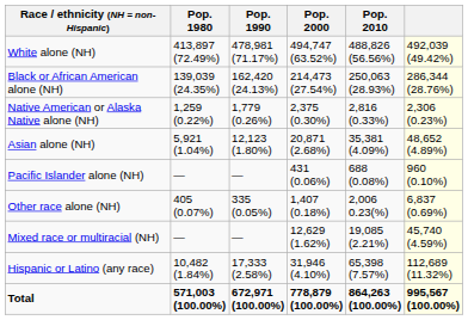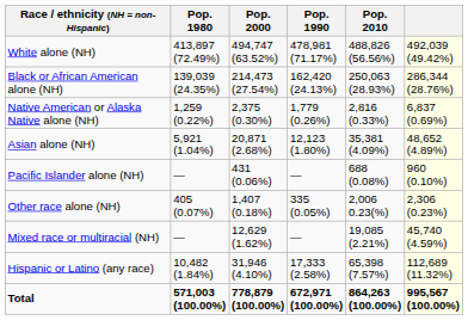 <table class="wikitable sortable collapsible" style="font-size: 95%;">
 <tr>
 <th>Race / ethnicity <small>(<em>NH = non-Hispanic</em>)</small></th>
 <th>Pop. 1980</th>
+<th>Pop. 2000</th>
 <th>Pop. 1990</th>
-<th>Pop. 2000</th>
 <th>Pop. 2010</th>
 <th></th>
 </tr>
 <tr>
 <td><a href='#'>White</a> alone (NH)</td>
 <td>413,897<br>(72.49%)</td>
+<td>494,747<br>(63.52%)</td>
 <td>478,981<br>(71.17%)</td>
-<td>494,747<br>(63.52%)</td>
 <td>488,826<br>(56.56%)</td>
 <td style='background: #ffffe6;'>492,039<br>(49.42%)</td>
 </tr>
 <tr>
 <td><a href='#'>Black or African American</a> alone (NH)</td>
 <td>139,039<br>(24.35%)</td>
+<td>214,473<br>(27.54%)</td>
 <td>162,420<br>(24.13%)</td>
-<td>214,473<br>(27.54%)</td>
 <td>250,063<br>(28.93%)</td>
 <td style='background: #ffffe6;'>286,344<br>(28.76%)</td>
 </tr>
 <tr>
 <td><a href='#'>Native American</a> or <a href='#'>Alaska Native</a> alone (NH)</td>
 <td>1,259<br>(0.22%)</td>
+<td>2,375<br>(0.30%)</td>
 <td>1,779<br>(0.26%)</td>
-<td>2,375<br>(0.30%)</td>
 <td>2,816<br>(0.33%)</td>
-<td style='background: #ffffe6;'>2,306<br>(0.23%)</td>
+<td style='background: #ffffe6;'>6,837<br>(0.69%)</td>
 </tr>
 <tr>
 <td><a href='#'>Asian</a> alone (NH)</td>
 <td>5,921<br>(1.04%)</td>
+<td>20,871<br>(2.68%)</td>
 <td>12,123<br>(1.80%)</td>
-<td>20,871<br>(2.68%)</td>
 <td>35,381<br>(4.09%)</td>
 <td style='background: #ffffe6;'>48,652<br>(4.89%)</td>
 </tr>
 <tr>
 <td><a href='#'>Pacific Islander</a> alone (NH)</td>
 <td>—</td>
+<td>431<br>(0.06%)</td>
 <td>—</td>
-<td>431<br>(0.06%)</td>
 <td>688<br>(0.08%)</td>
 <td style='background: #ffffe6;'>960<br>(0.10%)</td>
 </tr>
 <tr>
 <td><a href='#'>Other race</a> alone (NH)</td>
 <td>405<br>(0.07%)</td>
+<td>1,407<br>(0.18%)</td>
 <td>335<br>(0.05%)</td>
-<td>1,407<br>(0.18%)</td>
 <td>2,006<br>0.23(%)</td>
-<td style='background: #ffffe6;'>6,837<br>(0.69%)</td>
+<td style='background: #ffffe6;'>2,306<br>(0.23%)</td>
 </tr>
 <tr>
 <td><a href='#'>Mixed race or multiracial</a> (NH)</td>
 <td>—</td>
+<td>12,629<br>(1.62%)</td>
 <td>—</td>
-<td>12,629<br>(1.62%)</td>
 <td>19,085<br>(2.21%)</td>
 <td style='background: #ffffe6;'>45,740<br>(4.59%)</td>
 </tr>
 <tr>
 <td><a href='#'>Hispanic or Latino</a> (any race)</td>
 <td>10,482<br>(1.84%)</td>
+<td>31,946<br>(4.10%)</td>
 <td>17,333<br>(2.58%)</td>
-<td>31,946<br>(4.10%)</td>
 <td>65,398<br>(7.57%)</td>
 <td style='background: #ffffe6;'>112,689<br>(11.32%)</td>
 </tr>
 <tr>
 <td><strong>Total</strong></td>
 <td><strong>571,003<br>(100.00%)</strong></td>
+<td><strong>778,879<br>(100.00%)</strong></td>
 <td><strong>672,971<br>(100.00%)</strong></td>
-<td><strong>778,879<br>(100.00%)</strong></td>
 <td><strong>864,263<br>(100.00%)</strong></td>
 <td style='background: #ffffe6;'><strong>995,567<br>(100.00%)</strong></td>
 </tr>
 </table>
